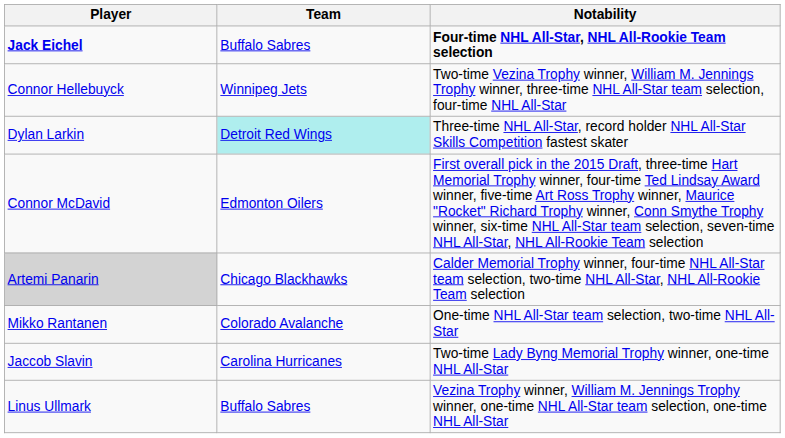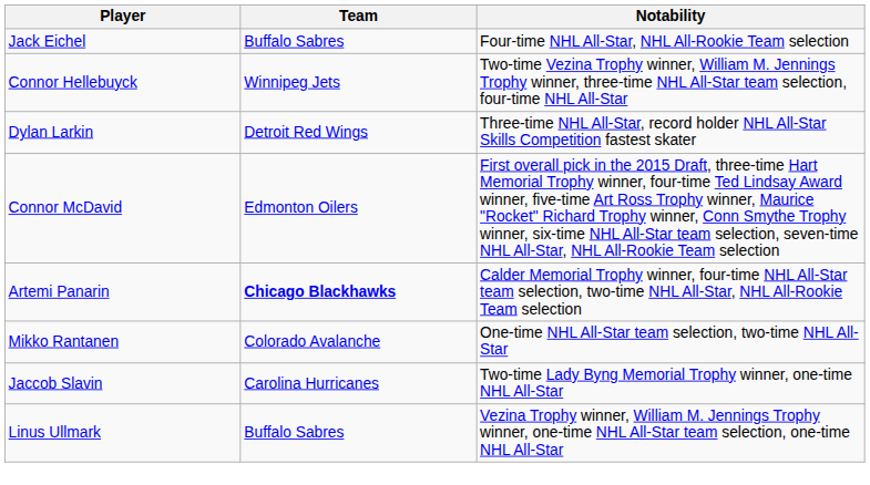 <table class="wikitable">
 <tr>
 <th style="width:15em">Player</th>
 <th style="width:15em">Team</th>
 <th style="width:25em">Notability</th>
 </tr>
 <tr>
-<td><strong><a href='#'>Jack Eichel</a></strong></td>
+<td><a href='#'>Jack Eichel</a></td>
 <td><a href='#'>Buffalo Sabres</a></td>
-<td><strong>Four-time <a href='#'>NHL All-Star</a>, <a href='#'>NHL All-Rookie Team</a> selection</strong></td>
+<td>Four-time <a href='#'>NHL All-Star</a>, <a href='#'>NHL All-Rookie Team</a> selection</td>
 </tr>
 <tr>
 <td><a href='#'>Connor Hellebuyck</a></td>
 <td><a href='#'>Winnipeg Jets</a></td>
 <td>Two-time <a href='#'>Vezina Trophy</a> winner, <a href='#'>William M. Jennings Trophy</a> winner, three-time <a href='#'>NHL All-Star team</a> selection, four-time <a href='#'>NHL All-Star</a></td>
 </tr>
 <tr>
 <td><a href='#'>Dylan Larkin</a></td>
-<td style="background: paleturquoise;"><a href='#'>Detroit Red Wings</a></td>
+<td><a href='#'>Detroit Red Wings</a></td>
 <td>Three-time <a href='#'>NHL All-Star</a>, record holder <a href='#'>NHL All-Star Skills Competition</a> fastest skater</td>
 </tr>
 <tr>
 <td><a href='#'>Connor McDavid</a></td>
 <td><a href='#'>Edmonton Oilers</a></td>
 <td><a href='#'>First overall pick in the 2015 Draft</a>, three-time <a href='#'>Hart Memorial Trophy</a> winner, four-time <a href='#'>Ted Lindsay Award</a> winner, five-time <a href='#'>Art Ross Trophy</a> winner, <a href='#'>Maurice "Rocket" Richard Trophy</a> winner, <a href='#'>Conn Smythe Trophy</a> winner, six-time <a href='#'>NHL All-Star team</a> selection, seven-time <a href='#'>NHL All-Star</a>, <a href='#'>NHL All-Rookie Team</a> selection</td>
 </tr>
 <tr>
-<td style="background: lightgrey;"><a href='#'>Artemi Panarin</a></td>
-<td><a href='#'>Chicago Blackhawks</a></td>
+<td><a href='#'>Artemi Panarin</a></td>
+<td><strong><a href='#'>Chicago Blackhawks</a></strong></td>
 <td><a href='#'>Calder Memorial Trophy</a> winner, four-time <a href='#'>NHL All-Star team</a> selection, two-time <a href='#'>NHL All-Star</a>, <a href='#'>NHL All-Rookie Team</a> selection</td>
 </tr>
 <tr>
 <td><a href='#'>Mikko Rantanen</a></td>
 <td><a href='#'>Colorado Avalanche</a></td>
 <td>One-time <a href='#'>NHL All-Star team</a> selection, two-time <a href='#'>NHL All-Star</a></td>
 </tr>
 <tr>
 <td><a href='#'>Jaccob Slavin</a></td>
 <td><a href='#'>Carolina Hurricanes</a></td>
 <td>Two-time <a href='#'>Lady Byng Memorial Trophy</a> winner, one-time <a href='#'>NHL All-Star</a></td>
 </tr>
 <tr>
 <td><a href='#'>Linus Ullmark</a></td>
 <td><a href='#'>Buffalo Sabres</a></td>
 <td><a href='#'>Vezina Trophy</a> winner, <a href='#'>William M. Jennings Trophy</a> winner, one-time <a href='#'>NHL All-Star team</a> selection, one-time <a href='#'>NHL All-Star</a><br></td>
 </tr>
 </table>
